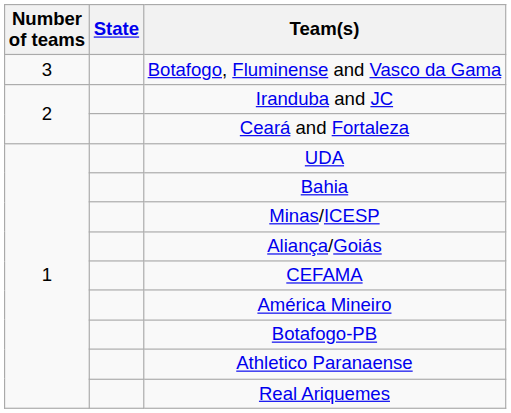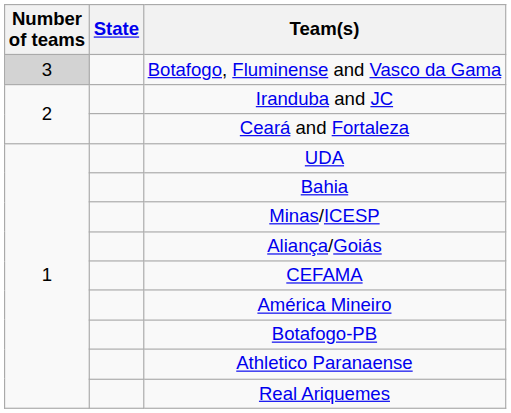 <table class="wikitable" style="text-align:center">
 <tr>
 <th>Number<br>of teams</th>
 <th><a href='#'>State</a></th>
 <th>Team(s)</th>
 </tr>
 <tr>
-<td>3</td>
+<td style="background: lightgrey;">3</td>
 <td align=left></td>
 <td><a href='#'>Botafogo</a>, <a href='#'>Fluminense</a> and <a href='#'>Vasco da Gama</a></td>
 </tr>
 <tr>
 <td rowspan=2>2</td>
 <td align=left></td>
 <td><a href='#'>Iranduba</a> and <a href='#'>JC</a></td>
 </tr>
 <tr>
 <td align=left></td>
 <td><a href='#'>Ceará</a> and <a href='#'>Fortaleza</a></td>
 </tr>
 <tr>
 <td rowspan=9>1</td>
 <td align=left></td>
 <td><a href='#'>UDA</a></td>
 </tr>
 <tr>
 <td align=left></td>
 <td><a href='#'>Bahia</a></td>
 </tr>
 <tr>
 <td align=left></td>
 <td><a href='#'>Minas</a>/<a href='#'>ICESP</a></td>
 </tr>
 <tr>
 <td align=left></td>
 <td><a href='#'>Aliança</a>/<a href='#'>Goiás</a></td>
 </tr>
 <tr>
 <td align=left></td>
 <td><a href='#'>CEFAMA</a></td>
 </tr>
 <tr>
 <td align=left></td>
 <td><a href='#'>América Mineiro</a></td>
 </tr>
 <tr>
 <td align=left></td>
 <td><a href='#'>Botafogo-PB</a></td>
 </tr>
 <tr>
 <td align=left></td>
 <td><a href='#'>Athletico Paranaense</a></td>
 </tr>
 <tr>
 <td align=left></td>
 <td><a href='#'>Real Ariquemes</a></td>
 </tr>
 </table>
